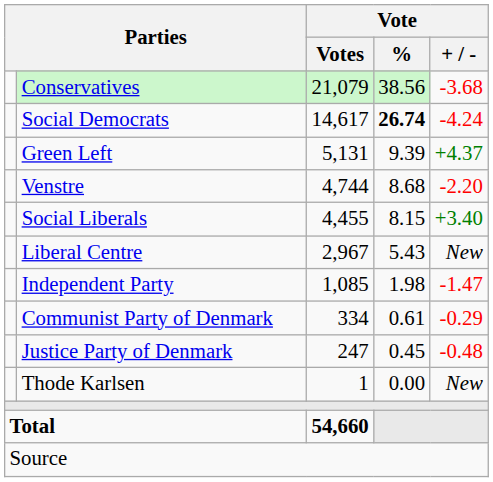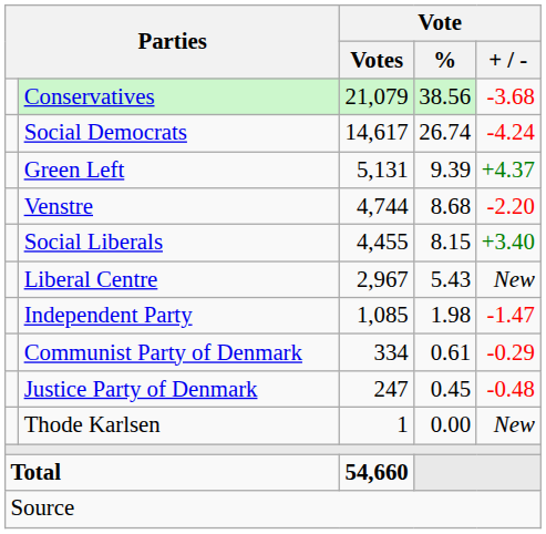 <table class="wikitable" style="text-align:right;">
 <tr>
 <th style="text-align:centre;" rowspan="2" colspan="2" width="225">Parties</th>
 <th colspan="3">Vote</th>
 </tr>
 <tr>
 <th width="15">Votes</th>
 <th width="15">%</th>
 <th width="15">+ / -</th>
 </tr>
 <tr>
 <td width="2" style="color:inherit;background:"></td>
 <td bgcolor=#ccf7cc  align="left"><a href='#'>Conservatives</a></td>
 <td bgcolor=#ccf7cc>21,079</td>
 <td bgcolor=#ccf7cc>38.56</td>
 <td style=color:red;>-3.68</td>
 </tr>
 <tr>
 <td width="2" style="color:inherit;background:"></td>
 <td align="left"><a href='#'>Social Democrats</a></td>
 <td>14,617</td>
-<td><strong>26.74</strong></td>
+<td>26.74</td>
 <td style=color:red;>-4.24</td>
 </tr>
 <tr>
 <td width="2" style="color:inherit;background:"></td>
 <td align="left"><a href='#'>Green Left</a></td>
 <td>5,131</td>
 <td>9.39</td>
 <td style=color:green;>+4.37</td>
 </tr>
 <tr>
 <td width="2" style="color:inherit;background:"></td>
 <td align="left"><a href='#'>Venstre</a></td>
 <td>4,744</td>
 <td>8.68</td>
 <td style=color:red;>-2.20</td>
 </tr>
 <tr>
 <td width="2" style="color:inherit;background:"></td>
 <td align="left"><a href='#'>Social Liberals</a></td>
 <td>4,455</td>
 <td>8.15</td>
 <td style=color:green;>+3.40</td>
 </tr>
 <tr>
 <td width="2" style="color:inherit;background:"></td>
 <td align="left"><a href='#'>Liberal Centre</a></td>
 <td>2,967</td>
 <td>5.43</td>
 <td><em>New</em></td>
 </tr>
 <tr>
 <td width="2" style="color:inherit;background:"></td>
 <td align="left"><a href='#'>Independent Party</a></td>
 <td>1,085</td>
 <td>1.98</td>
 <td style=color:red;>-1.47</td>
 </tr>
 <tr>
 <td width="2" style="color:inherit;background:"></td>
 <td align="left"><a href='#'>Communist Party of Denmark</a></td>
 <td>334</td>
 <td>0.61</td>
 <td style=color:red;>-0.29</td>
 </tr>
 <tr>
 <td width="2" style="color:inherit;background:"></td>
 <td align="left"><a href='#'>Justice Party of Denmark</a></td>
 <td>247</td>
 <td>0.45</td>
 <td style=color:red;>-0.48</td>
 </tr>
 <tr>
 <td width="2" style="color:inherit;background:"></td>
 <td align="left">Thode Karlsen</td>
 <td>1</td>
 <td>0.00</td>
 <td><em>New</em></td>
 </tr>
 <tr>
 <td colspan="7" bgcolor="#E9E9E9"></td>
 </tr>
 <tr>
 <td align="left" colspan="2"><strong>Total</strong></td>
 <td><strong>54,660</strong></td>
 <td bgcolor="#E9E9E9" colspan="2"></td>
 </tr>
 <tr>
 <td align="left" colspan="6">Source</td>
 </tr>
 </table>
